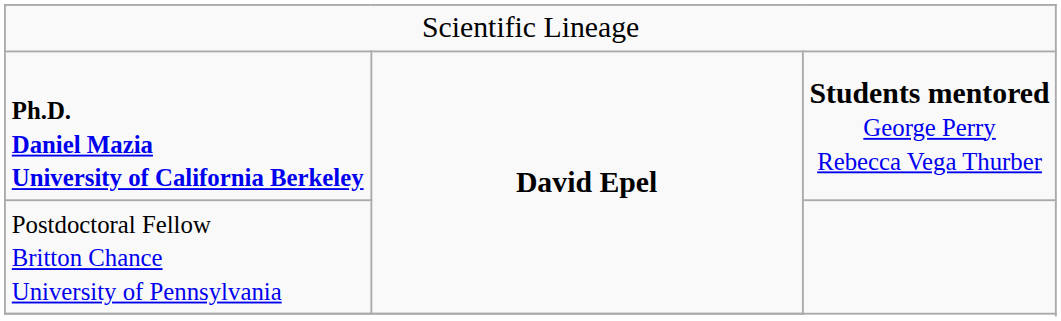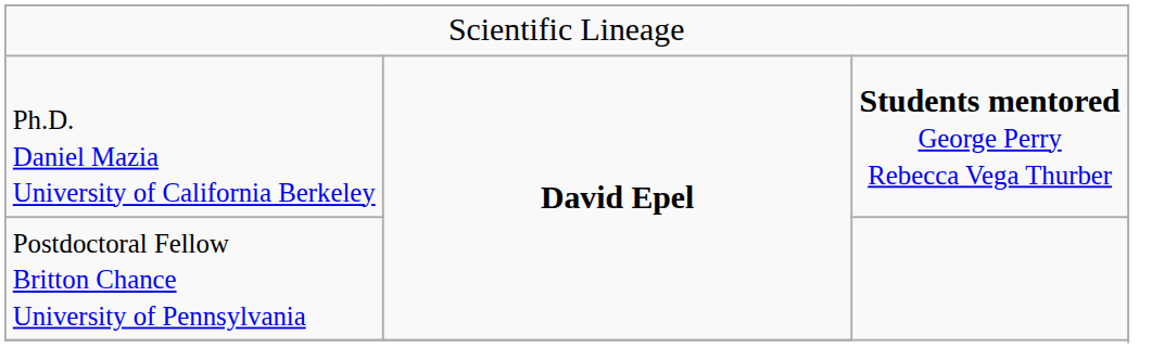 <table class="wikitable">
 <tr>
 <td colspan="3" align="center">Scientific Lineage</td>
 </tr>
 <tr>
-<td><strong><small><br>Ph.D.<br><a href='#'>Daniel Mazia</a><br><a href='#'>University of California Berkeley</a></small></strong></td>
+<td><small><br>Ph.D.<br><a href='#'>Daniel Mazia</a><br><a href='#'>University of California Berkeley</a></small></td>
 <td rowspan="2" align="center" width="225"><strong>David Epel</strong></td>
 <td colspan="2" align="center"><strong>Students mentored</strong><br><small><a href='#'>George Perry</a><br> <a href='#'>Rebecca Vega Thurber</a></small></td>
 </tr>
 <tr>
 <td><small>Postdoctoral Fellow<br><a href='#'>Britton Chance</a><br><a href='#'>University of Pennsylvania</a></small></td>
 </tr>
 <tr>
 </tr>
 </table>
